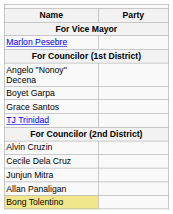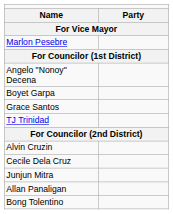 <table class="wikitable" style="font-size:90%">
 <tr>
 <td colspan="4" style="color:inherit;background:"></td>
 </tr>
 <tr>
 <th width="150px">Name</th>
 <th colspan="2" width="110px">Party</th>
 </tr>
 <tr>
 <th colspan="3">For Vice Mayor</th>
 </tr>
 <tr>
 <td><a href='#'>Marlon Pesebre</a></td>
 <td></td>
 </tr>
 <tr>
 <th colspan="3">For Councilor (1st District)</th>
 </tr>
 <tr>
 <td>Angelo "Nonoy" Decena</td>
 <td></td>
 </tr>
 <tr>
 <td>Boyet Garpa</td>
 <td></td>
 </tr>
 <tr>
 <td>Grace Santos</td>
 <td></td>
 </tr>
 <tr>
 <td><a href='#'>TJ Trinidad</a></td>
 <td></td>
 </tr>
 <tr>
 <th colspan="3">For Councilor (2nd District)</th>
 </tr>
 <tr>
 <td>Alvin Cruzin</td>
 <td></td>
 </tr>
 <tr>
 <td>Cecile Dela Cruz</td>
 <td></td>
 </tr>
 <tr>
 <td>Junjun Mitra</td>
 <td></td>
 </tr>
 <tr>
 <td>Allan Panaligan</td>
 <td></td>
 </tr>
 <tr>
-<td style="background: khaki;">Bong Tolentino</td>
+<td>Bong Tolentino</td>
 <td></td>
 </tr>
 </table>
